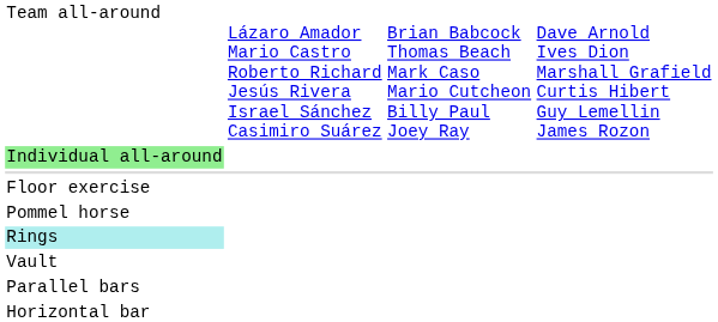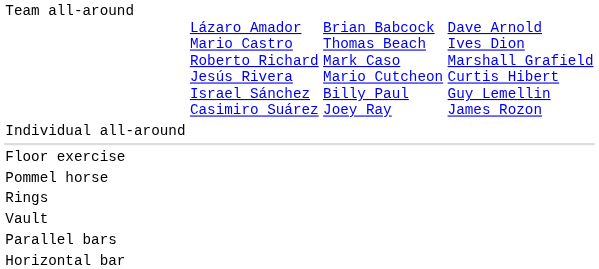 <table>
 <tr valign="top">
 <td>Team all-around<br></td>
 <td><br><a href='#'>Lázaro Amador</a><br><a href='#'>Mario Castro</a><br><a href='#'>Roberto Richard</a><br><a href='#'>Jesús Rivera</a><br><a href='#'>Israel Sánchez</a><br><a href='#'>Casimiro Suárez</a></td>
 <td><br><a href='#'>Brian Babcock</a><br><a href='#'>Thomas Beach</a><br><a href='#'>Mark Caso</a><br><a href='#'>Mario Cutcheon</a><br><a href='#'>Billy Paul</a><br><a href='#'>Joey Ray</a></td>
 <td><br><a href='#'>Dave Arnold</a><br><a href='#'>Ives Dion</a><br><a href='#'>Marshall Grafield</a><br><a href='#'>Curtis Hibert</a><br><a href='#'>Guy Lemellin</a><br><a href='#'>James Rozon</a></td>
 </tr>
 <tr>
-<td style="background: lightgreen;">Individual all-around<br></td>
+<td>Individual all-around<br></td>
 <td></td>
 <td></td>
 <td></td>
 </tr>
 <tr bgcolor=#DDDDDD>
 <td colspan=7></td>
 </tr>
 <tr>
 <td>Floor exercise<br></td>
 <td></td>
 <td></td>
 <td></td>
 </tr>
 <tr>
 <td>Pommel horse<br></td>
 <td></td>
 <td></td>
 <td></td>
 </tr>
 <tr>
-<td style="background: paleturquoise;">Rings<br></td>
+<td>Rings<br></td>
 <td></td>
 <td></td>
 <td></td>
 </tr>
 <tr>
 <td>Vault<br></td>
 <td></td>
 <td></td>
 <td></td>
 </tr>
 <tr>
 <td>Parallel bars<br></td>
 <td></td>
 <td></td>
 <td></td>
 </tr>
 <tr>
 <td>Horizontal bar<br></td>
 <td></td>
 <td></td>
 <td></td>
 </tr>
 </table>
